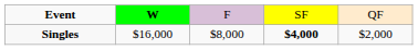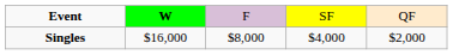 <table class=wikitable style=font-size:95%;text-align:center>
 <tr>
 <td style="width:130px"><strong>Event</strong></td>
 <td style="width:85px; background:lime"><strong>W</strong></td>
 <td style="width:85px; background:thistle">F</td>
 <td style="width:85px; background:#ffff00">SF</td>
 <td style="width:85px; background:#ffebcd">QF</td>
 </tr>
 <tr>
 <th style=background:#f8f8f8>Singles </th>
 <td>$16,000</td>
 <td>$8,000</td>
-<td><strong>$4,000</strong></td>
+<td>$4,000</td>
 <td>$2,000</td>
 </tr>
 </table>
